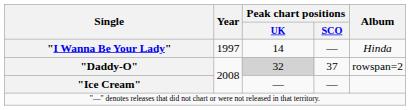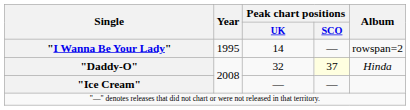 <table class="wikitable plainrowheaders" style="text-align:center;">
 <tr>
 <th scope="colw" rowspan="2" style="width:18em;">Single</th>
 <th scope="col" rowspan="2">Year</th>
 <th scope="col" colspan="2">Peak chart positions</th>
 <th scope="col" rowspan="2">Album</th>
 </tr>
 <tr>
 <th scope="col" style="width:7em;font-size:85%;"><a href='#'>UK</a><br></th>
 <th scope="col" style="width:3em;font-size:90%;"><a href='#'>SCO</a><br></th>
 </tr>
 <tr>
 <th scope="row">"<a href='#'>I Wanna Be Your Lady</a>"<br></th>
-<td>1997</td>
+<td>1995</td>
 <td>14</td>
 <td>—</td>
-<td><em>Hinda</em></td>
+<td>rowspan=2 </td>
 </tr>
 <tr>
 <th scope="row">"Daddy-O"<br></th>
 <td rowspan="2">2008</td>
-<td style="background: lightgrey;">32</td>
-<td>37</td>
-<td>rowspan=2 </td>
+<td>32</td>
+<td style="background: lightyellow;">37</td>
+<td><em>Hinda</em></td>
 </tr>
 <tr>
 <th scope="row">"Ice Cream"<br></th>
 <td>—</td>
 <td>—</td>
 </tr>
 <tr>
 <td colspan="15" style="text-align:center; font-size:8pt;">"—" denotes releases that did not chart or were not released in that territory.</td>
 </tr>
 </table>
